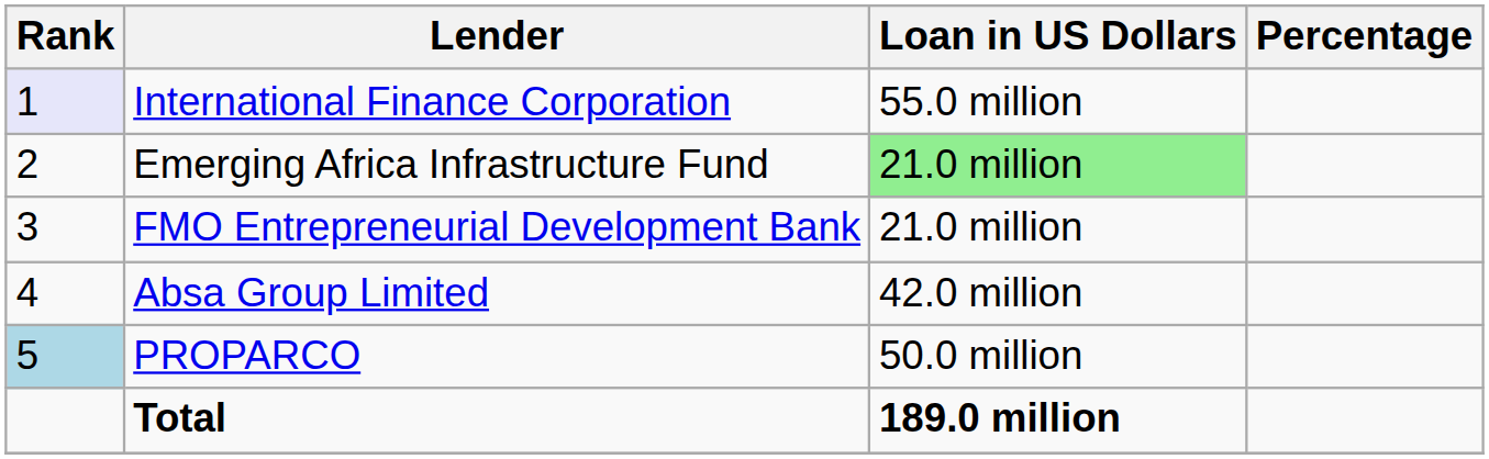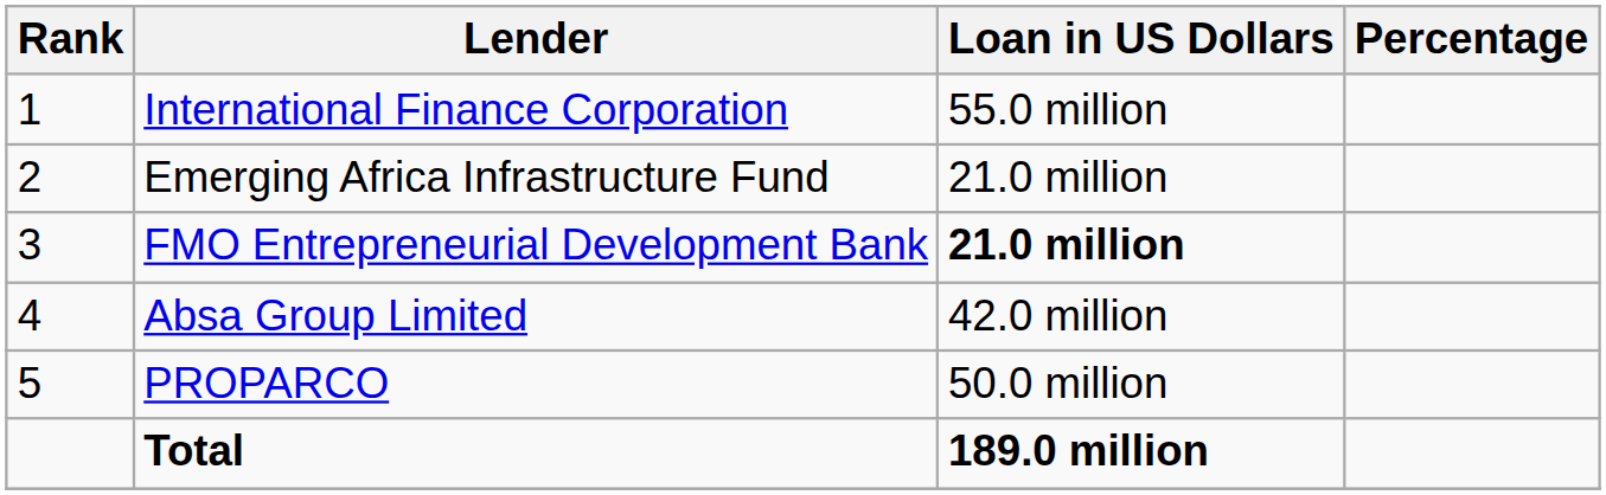 <table class="wikitable sortable" style="margin: 0.5em auto">
 <tr>
 <th>Rank</th>
 <th>Lender</th>
 <th>Loan in US Dollars</th>
 <th>Percentage</th>
 </tr>
 <tr>
-<td style="background: lavender;">1</td>
+<td>1</td>
 <td><a href='#'>International Finance Corporation</a></td>
 <td>55.0 million</td>
 <td></td>
 </tr>
 <tr>
 <td>2</td>
 <td>Emerging Africa Infrastructure Fund</td>
-<td style="background: lightgreen;">21.0 million</td>
+<td>21.0 million</td>
 <td></td>
 </tr>
 <tr>
 <td>3</td>
 <td><a href='#'>FMO Entrepreneurial Development Bank</a></td>
-<td>21.0 million</td>
+<td><strong>21.0 million</strong></td>
 <td></td>
 </tr>
 <tr>
 <td>4</td>
 <td><a href='#'>Absa Group Limited</a></td>
 <td>42.0 million</td>
 <td></td>
 </tr>
 <tr>
-<td style="background: lightblue;">5</td>
+<td>5</td>
 <td><a href='#'>PROPARCO</a></td>
 <td>50.0 million</td>
 <td></td>
 </tr>
 <tr>
 <td></td>
 <td><strong>Total</strong></td>
 <td><strong>189.0 million</strong></td>
 <td></td>
 </tr>
 <tr>
 </tr>
 </table>
